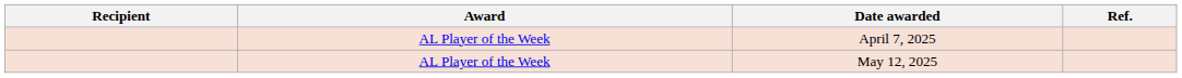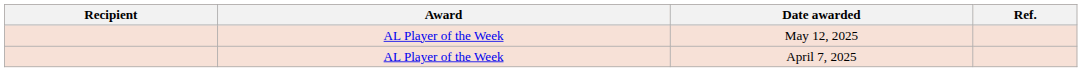 <table class="wikitable sortable" style="text-align:center; background:#f7e1d7; width: 66%;">
 <tr>
 <th>Recipient</th>
 <th>Award</th>
 <th>Date awarded</th>
 <th>Ref.</th>
 </tr>
 <tr>
 <td></td>
 <td><a href='#'>AL Player of the Week</a></td>
-<td>April 7, 2025</td>
+<td>May 12, 2025</td>
 <td></td>
 </tr>
 <tr>
 <td></td>
 <td><a href='#'>AL Player of the Week</a></td>
-<td>May 12, 2025</td>
+<td>April 7, 2025</td>
 <td></td>
 </tr>
 </table>
